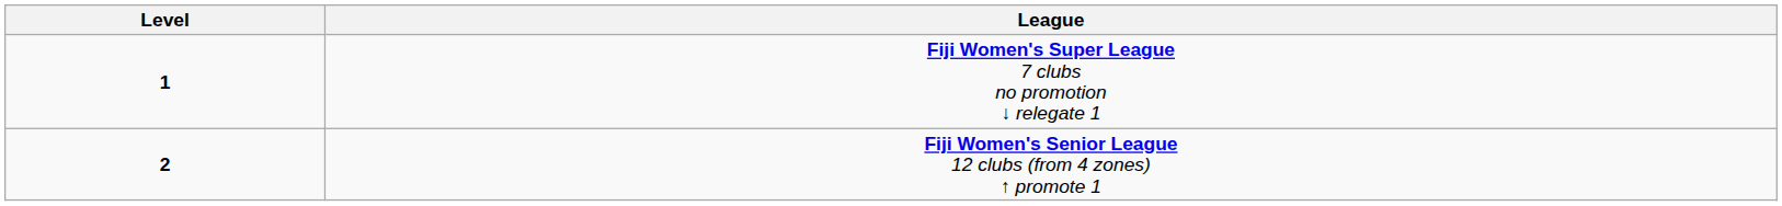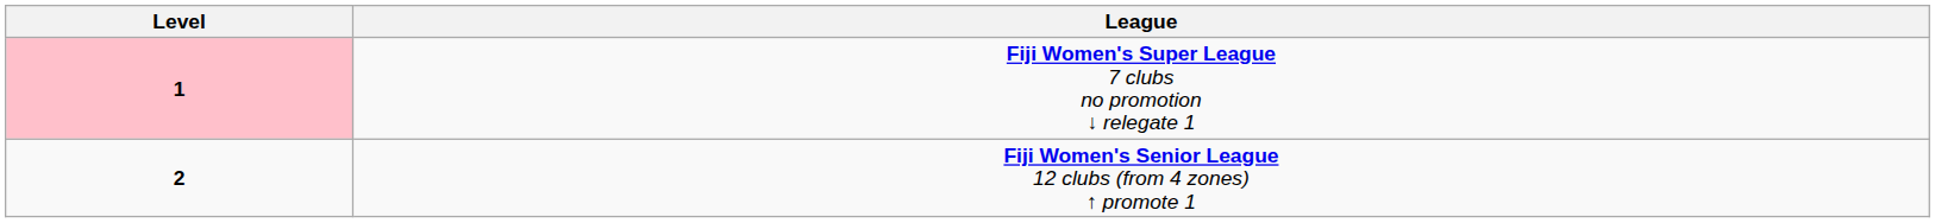 <table class="wikitable" style="text-align: center; font-size: 85%;" width="100%;">
 <tr>
 <th>Level</th>
 <th>League</th>
 </tr>
 <tr>
-<td><strong>1</strong></td>
+<td style="background: pink;"><strong>1</strong></td>
 <td colspan="2"><strong><a href='#'>Fiji Women's Super League</a></strong><br><em>7 clubs<br>no promotion</em><br>↓ <em>relegate 1</em></td>
 </tr>
 <tr>
 <td rowspan="3"><strong>2</strong></td>
 <td colspan="2"><strong><a href='#'>Fiji Women's Senior League</a></strong><br><em>12 clubs (from 4 zones)</em><br>↑ <em>promote 1</em></td>
 </tr>
 </table>
